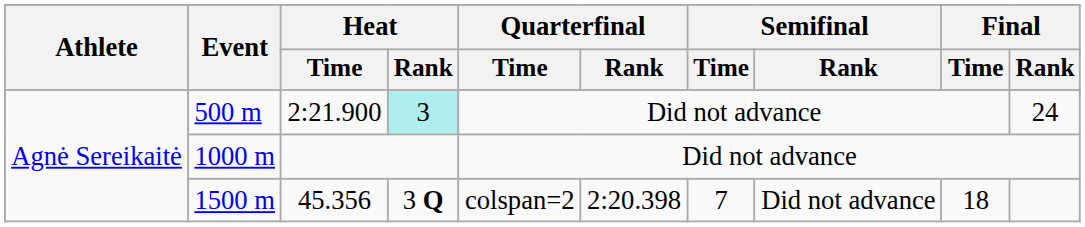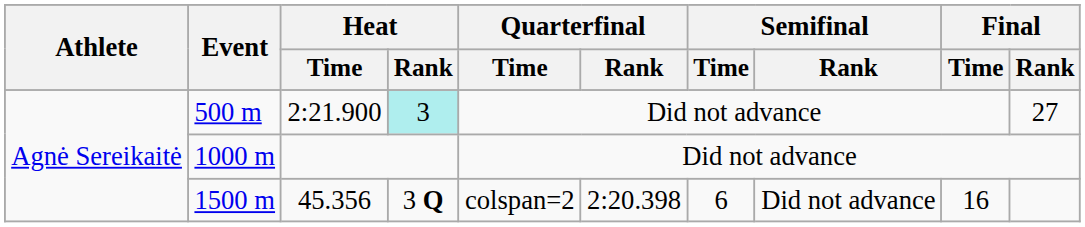 <table class="wikitable" style="font-size:90%">
 <tr>
 <th rowspan=2>Athlete</th>
 <th rowspan=2>Event</th>
 <th colspan=2>Heat</th>
 <th colspan=2>Quarterfinal</th>
 <th colspan=2>Semifinal</th>
 <th colspan=2>Final</th>
 </tr>
 <tr style="font-size:95%">
 <th>Time</th>
 <th>Rank</th>
 <th>Time</th>
 <th>Rank</th>
 <th>Time</th>
 <th>Rank</th>
 <th>Time</th>
 <th>Rank</th>
 </tr>
 <tr align=center>
 <td align=left rowspan=3><a href='#'>Agnė Sereikaitė</a></td>
 <td align=left><a href='#'>500 m</a></td>
 <td>2:21.900</td>
 <td style="background: paleturquoise;">3</td>
 <td colspan=5>Did not advance</td>
-<td>24</td>
+<td>27</td>
 </tr>
 <tr align=center>
 <td align=left><a href='#'>1000 m</a></td>
 <td colspan=2></td>
 <td colspan=6>Did not advance</td>
 </tr>
 <tr align=center>
 <td align=left><a href='#'>1500 m</a></td>
 <td>45.356</td>
 <td>3 <strong>Q</strong></td>
 <td>colspan=2 </td>
 <td>2:20.398</td>
-<td>7</td>
+<td>6</td>
 <td>Did not advance</td>
-<td>18</td>
+<td>16</td>
 </tr>
 </table>
